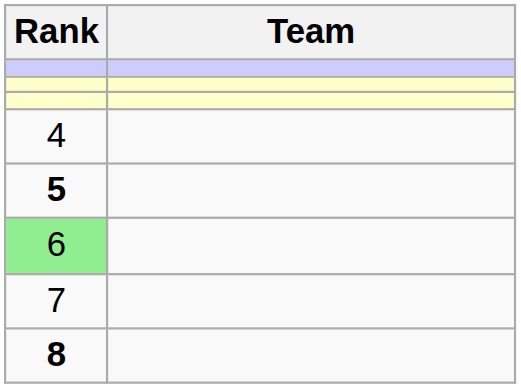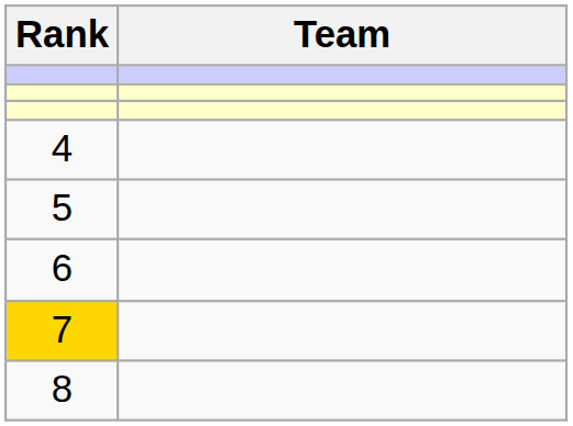 <table class="wikitable" style="text-align: center;">
 <tr>
 <th width=40>Rank</th>
 <th width=180>Team</th>
 </tr>
 <tr bgcolor=#ccccff>
 <td></td>
 <td align="left"></td>
 </tr>
 <tr bgcolor=#ffffcc>
 <td></td>
 <td align="left"></td>
 </tr>
 <tr bgcolor=#ffffcc>
 <td></td>
 <td align="left"></td>
 </tr>
 <tr>
 <td>4</td>
 <td align="left"></td>
 </tr>
 <tr>
-<td><strong>5</strong></td>
+<td>5</td>
 <td align="left"></td>
 </tr>
 <tr>
-<td style="background: lightgreen;">6</td>
+<td>6</td>
 <td align="left"></td>
 </tr>
 <tr>
-<td>7</td>
+<td style="background: gold;">7</td>
 <td align="left"></td>
 </tr>
 <tr>
-<td><strong>8</strong></td>
+<td>8</td>
 <td align="left"></td>
 </tr>
 </table>
